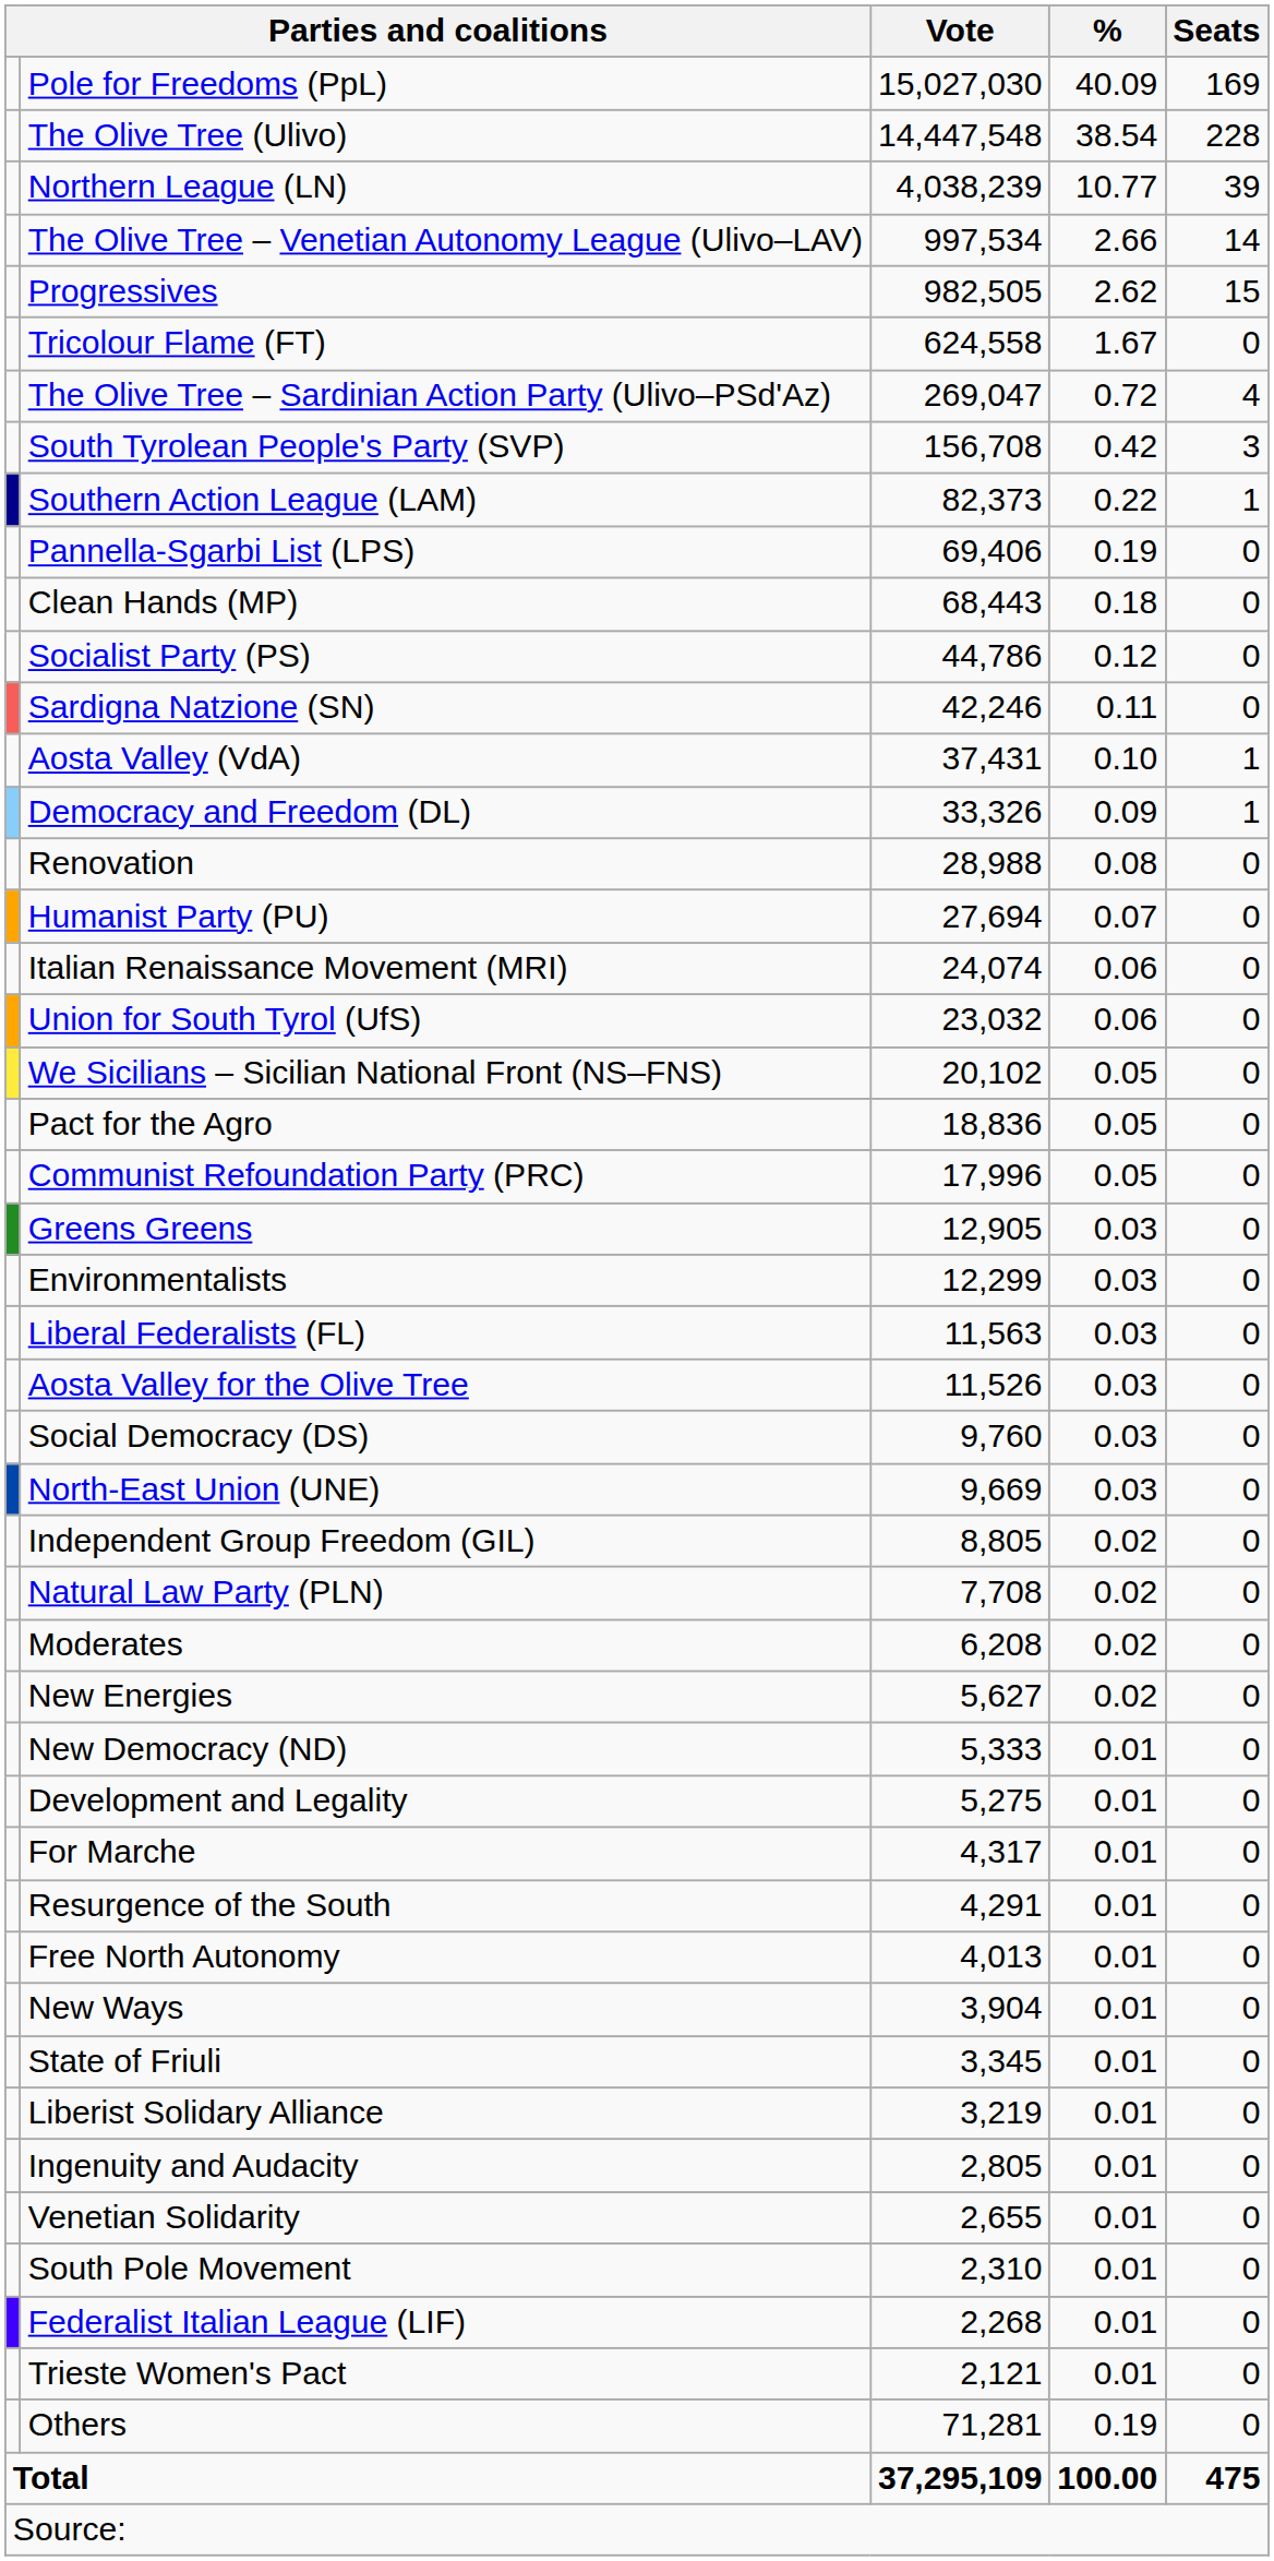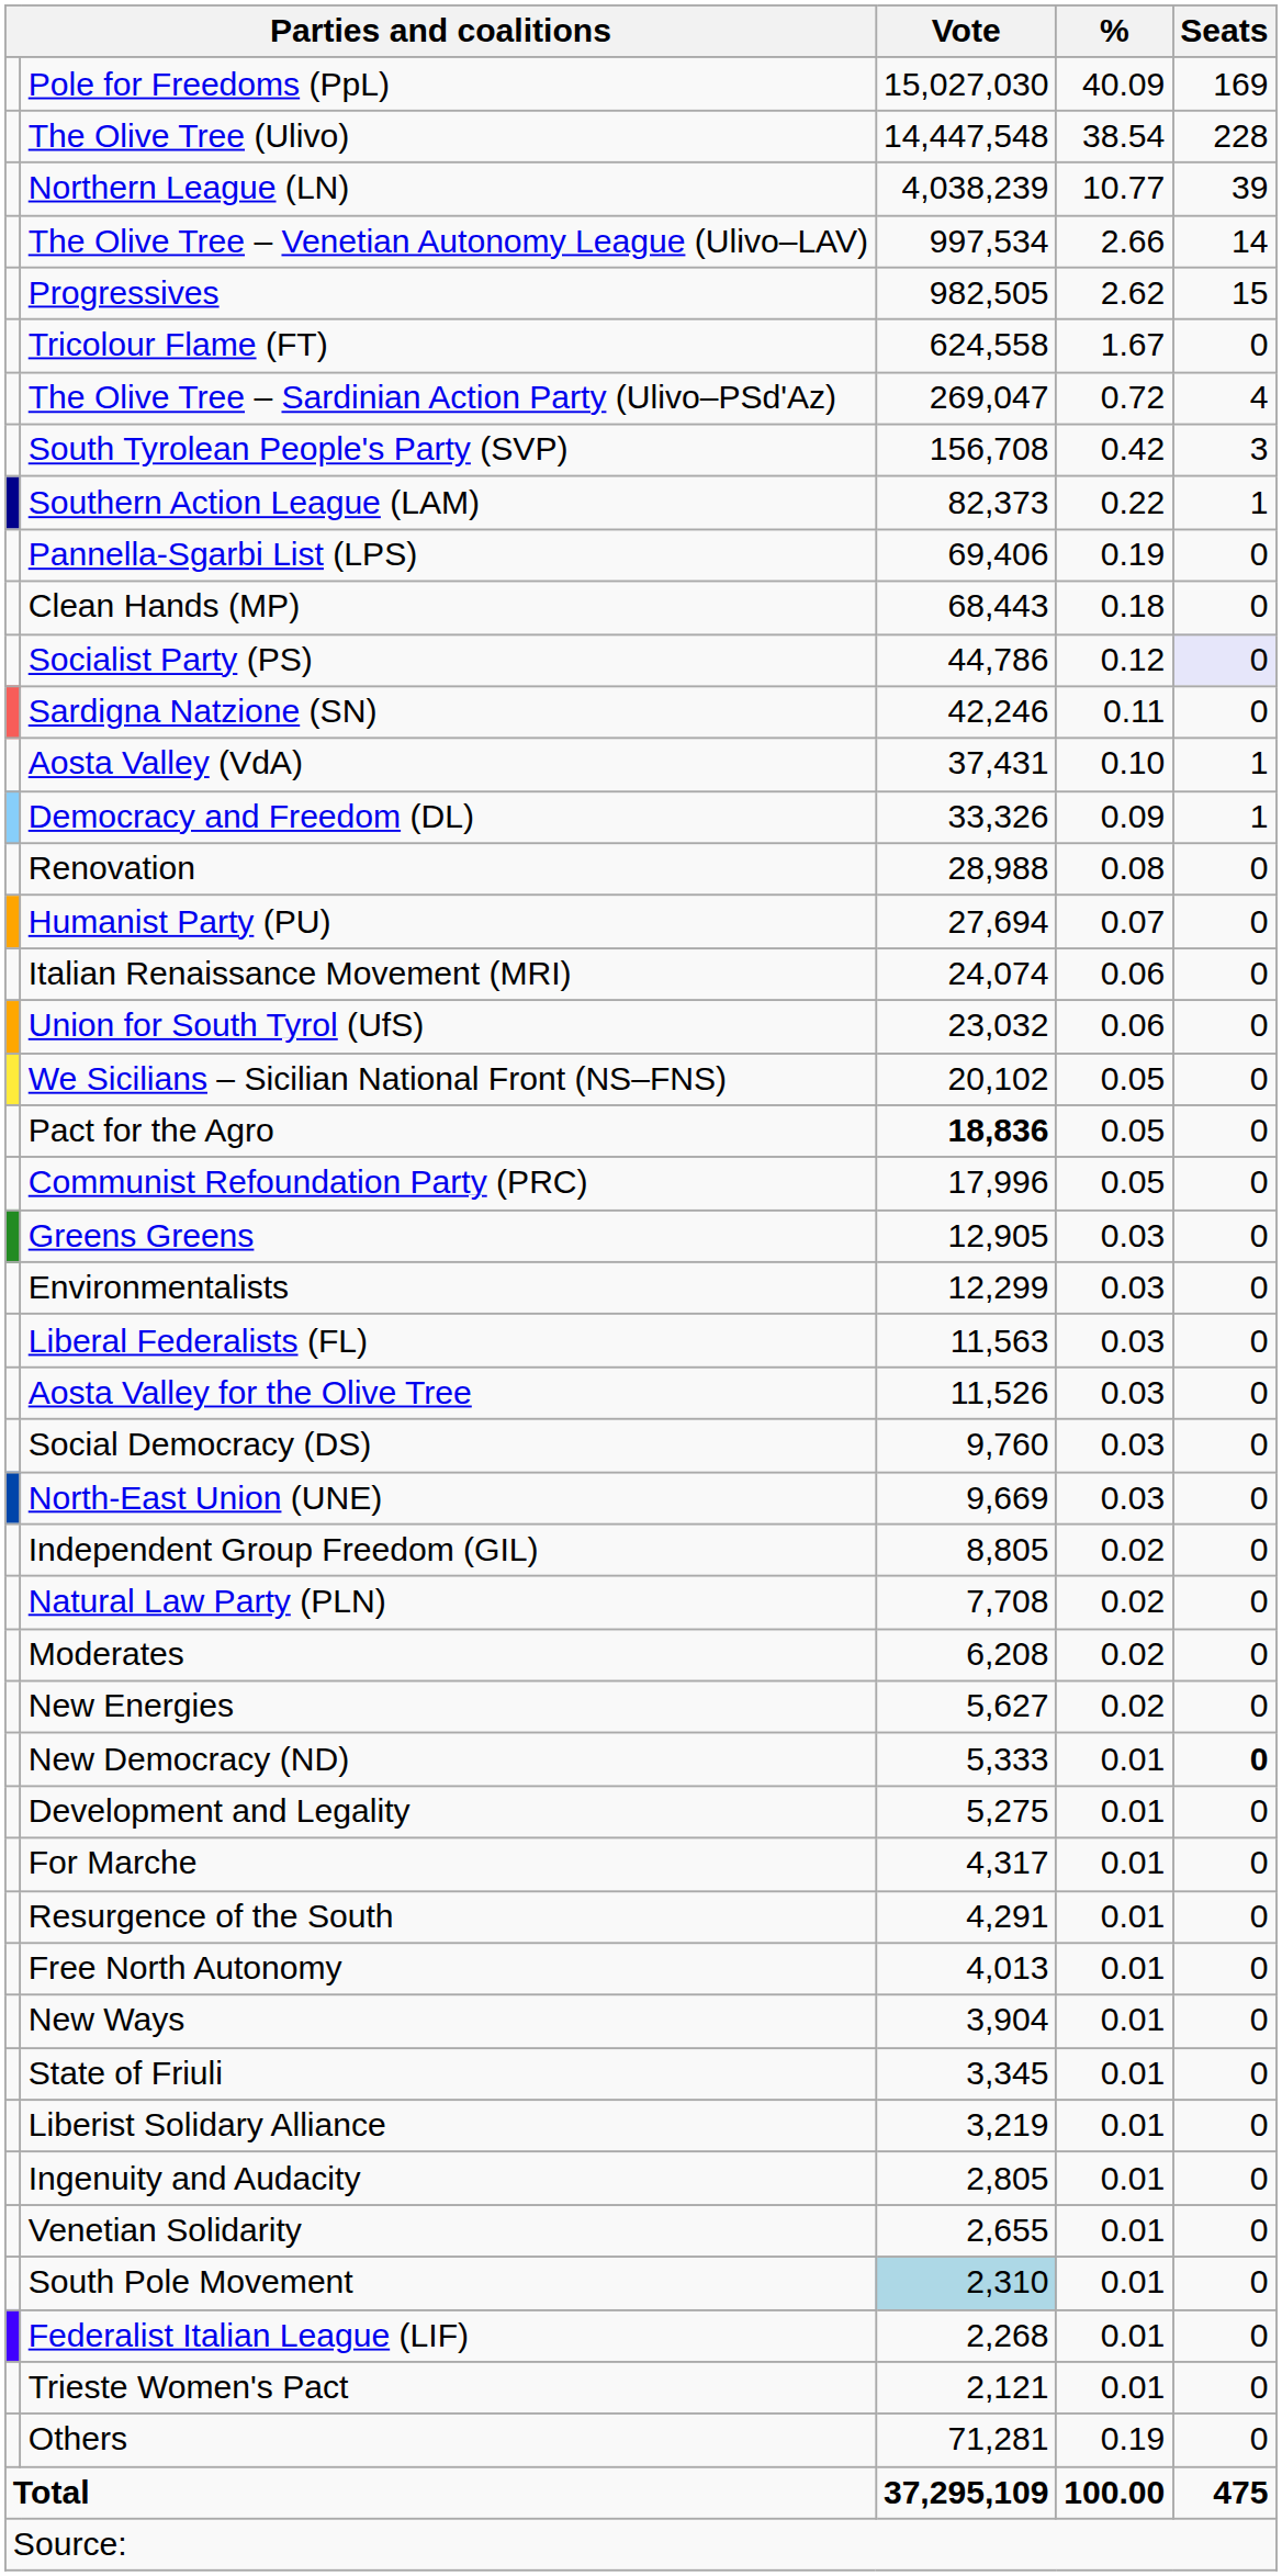 <table class=wikitable style="text-align:right">
 <tr>
 <th colspan=2>Parties and coalitions</th>
 <th>Vote</th>
 <th>%</th>
 <th>Seats</th>
 </tr>
 <tr>
 <td></td>
 <td align="left"><a href='#'>Pole for Freedoms</a> (PpL)</td>
 <td align="right">15,027,030</td>
 <td align="right">40.09</td>
 <td align="right">169</td>
 </tr>
 <tr>
 <td></td>
 <td align="left"><a href='#'>The Olive Tree</a> (Ulivo)</td>
 <td align="right">14,447,548</td>
 <td align="right">38.54</td>
 <td align="right">228</td>
 </tr>
 <tr>
 <td></td>
 <td align="left"><a href='#'>Northern League</a> (LN)</td>
 <td align="right">4,038,239</td>
 <td align="right">10.77</td>
 <td align="right">39</td>
 </tr>
 <tr>
 <td></td>
 <td align="left"><a href='#'>The Olive Tree</a> – <a href='#'>Venetian Autonomy League</a> (Ulivo–LAV)</td>
 <td align="right">997,534</td>
 <td align="right">2.66</td>
 <td align="right">14</td>
 </tr>
 <tr>
 <td></td>
 <td align="left"><a href='#'>Progressives</a></td>
 <td align="right">982,505</td>
 <td align="right">2.62</td>
 <td align="right">15</td>
 </tr>
 <tr>
 <td></td>
 <td align="left"><a href='#'>Tricolour Flame</a> (FT)</td>
 <td align="right">624,558</td>
 <td align="right">1.67</td>
 <td align="right">0</td>
 </tr>
 <tr>
 <td></td>
 <td align="left"><a href='#'>The Olive Tree</a> – <a href='#'>Sardinian Action Party</a> (Ulivo–PSd'Az)</td>
 <td align="right">269,047</td>
 <td align="right">0.72</td>
 <td align="right">4</td>
 </tr>
 <tr>
 <td></td>
 <td align="left"><a href='#'>South Tyrolean People's Party</a> (SVP)</td>
 <td align="right">156,708</td>
 <td align="right">0.42</td>
 <td align="right">3</td>
 </tr>
 <tr>
 <td bgcolor="darkblue"></td>
 <td align="left"><a href='#'>Southern Action League</a> (LAM)</td>
 <td align="right">82,373</td>
 <td align="right">0.22</td>
 <td align="right">1</td>
 </tr>
 <tr>
 <td></td>
 <td align="left"><a href='#'>Pannella-Sgarbi List</a> (LPS)</td>
 <td align="right">69,406</td>
 <td align="right">0.19</td>
 <td align="right">0</td>
 </tr>
 <tr>
 <td></td>
 <td align="left">Clean Hands (MP)</td>
 <td align="right">68,443</td>
 <td align="right">0.18</td>
 <td align="right">0</td>
 </tr>
 <tr>
 <td></td>
 <td align="left"><a href='#'>Socialist Party</a> (PS)</td>
 <td align="right">44,786</td>
 <td align="right">0.12</td>
-<td align="right">0</td>
+<td align="right" style="background: lavender;">0</td>
 </tr>
 <tr>
 <td bgcolor="#F75D59"></td>
 <td align="left"><a href='#'>Sardigna Natzione</a> (SN)</td>
 <td align="right">42,246</td>
 <td align="right">0.11</td>
 <td align="right">0</td>
 </tr>
 <tr>
 <td></td>
 <td align="left"><a href='#'>Aosta Valley</a> (VdA)</td>
 <td align="right">37,431</td>
 <td align="right">0.10</td>
 <td align="right">1</td>
 </tr>
 <tr>
 <td bgcolor="lightskyblue"></td>
 <td align="left"><a href='#'>Democracy and Freedom</a> (DL)</td>
 <td align="right">33,326</td>
 <td align="right">0.09</td>
 <td align="right">1</td>
 </tr>
 <tr>
 <td></td>
 <td align="left">Renovation</td>
 <td align="right">28,988</td>
 <td align="right">0.08</td>
 <td align="right">0</td>
 </tr>
 <tr>
 <td bgcolor="orange"></td>
 <td align="left"><a href='#'>Humanist Party</a> (PU)</td>
 <td align="right">27,694</td>
 <td align="right">0.07</td>
 <td align="right">0</td>
 </tr>
 <tr>
 <td></td>
 <td align="left">Italian Renaissance Movement (MRI)</td>
 <td align="right">24,074</td>
 <td align="right">0.06</td>
 <td align="right">0</td>
 </tr>
 <tr>
 <td bgcolor="#FFA700"></td>
 <td align="left"><a href='#'>Union for South Tyrol</a> (UfS)</td>
 <td align="right">23,032</td>
 <td align="right">0.06</td>
 <td align="right">0</td>
 </tr>
 <tr>
 <td bgcolor="FFEB3B"></td>
 <td align="left"><a href='#'>We Sicilians</a> – Sicilian National Front (NS–FNS)</td>
 <td align="right">20,102</td>
 <td align="right">0.05</td>
 <td align="right">0</td>
 </tr>
 <tr>
 <td></td>
 <td align="left">Pact for the Agro</td>
-<td align="right">18,836</td>
+<td align="right"><strong>18,836</strong></td>
 <td align="right">0.05</td>
 <td align="right">0</td>
 </tr>
 <tr>
 <td></td>
 <td align="left"><a href='#'>Communist Refoundation Party</a> (PRC)</td>
 <td align="right">17,996</td>
 <td align="right">0.05</td>
 <td align="right">0</td>
 </tr>
 <tr>
 <td bgcolor="#228B22"></td>
 <td align="left"><a href='#'>Greens Greens</a></td>
 <td align="right">12,905</td>
 <td align="right">0.03</td>
 <td align="right">0</td>
 </tr>
 <tr>
 <td></td>
 <td align="left">Environmentalists</td>
 <td align="right">12,299</td>
 <td align="right">0.03</td>
 <td align="right">0</td>
 </tr>
 <tr>
 <td></td>
 <td align="left"><a href='#'>Liberal Federalists</a> (FL)</td>
 <td align="right">11,563</td>
 <td align="right">0.03</td>
 <td align="right">0</td>
 </tr>
 <tr>
 <td></td>
 <td align="left"><a href='#'>Aosta Valley for the Olive Tree</a></td>
 <td align="right">11,526</td>
 <td align="right">0.03</td>
 <td align="right">0</td>
 </tr>
 <tr>
 <td></td>
 <td align="left">Social Democracy (DS)</td>
 <td align="right">9,760</td>
 <td align="right">0.03</td>
 <td align="right">0</td>
 </tr>
 <tr>
 <td bgcolor="#0045AA"></td>
 <td align="left"><a href='#'>North-East Union</a> (UNE)</td>
 <td align="right">9,669</td>
 <td align="right">0.03</td>
 <td align="right">0</td>
 </tr>
 <tr>
 <td></td>
 <td align="left">Independent Group Freedom (GIL)</td>
 <td align="right">8,805</td>
 <td align="right">0.02</td>
 <td align="right">0</td>
 </tr>
 <tr>
 <td></td>
 <td align="left"><a href='#'>Natural Law Party</a> (PLN)</td>
 <td align="right">7,708</td>
 <td align="right">0.02</td>
 <td align="right">0</td>
 </tr>
 <tr>
 <td></td>
 <td align="left">Moderates</td>
 <td align="right">6,208</td>
 <td align="right">0.02</td>
 <td align="right">0</td>
 </tr>
 <tr>
 <td></td>
 <td align="left">New Energies</td>
 <td align="right">5,627</td>
 <td align="right">0.02</td>
 <td align="right">0</td>
 </tr>
 <tr>
 <td></td>
 <td align="left">New Democracy (ND)</td>
 <td align="right">5,333</td>
 <td align="right">0.01</td>
-<td align="right">0</td>
+<td align="right"><strong>0</strong></td>
 </tr>
 <tr>
 <td></td>
 <td align="left">Development and Legality</td>
 <td align="right">5,275</td>
 <td align="right">0.01</td>
 <td align="right">0</td>
 </tr>
 <tr>
 <td></td>
 <td align="left">For Marche</td>
 <td align="right">4,317</td>
 <td align="right">0.01</td>
 <td align="right">0</td>
 </tr>
 <tr>
 <td></td>
 <td align="left">Resurgence of the South</td>
 <td align="right">4,291</td>
 <td align="right">0.01</td>
 <td align="right">0</td>
 </tr>
 <tr>
 <td></td>
 <td align="left">Free North Autonomy</td>
 <td align="right">4,013</td>
 <td align="right">0.01</td>
 <td align="right">0</td>
 </tr>
 <tr>
 <td></td>
 <td align="left">New Ways</td>
 <td align="right">3,904</td>
 <td align="right">0.01</td>
 <td align="right">0</td>
 </tr>
 <tr>
 <td></td>
 <td align="left">State of Friuli</td>
 <td align="right">3,345</td>
 <td align="right">0.01</td>
 <td align="right">0</td>
 </tr>
 <tr>
 <td></td>
 <td align="left">Liberist Solidary Alliance</td>
 <td align="right">3,219</td>
 <td align="right">0.01</td>
 <td align="right">0</td>
 </tr>
 <tr>
 <td></td>
 <td align="left">Ingenuity and Audacity</td>
 <td align="right">2,805</td>
 <td align="right">0.01</td>
 <td align="right">0</td>
 </tr>
 <tr>
 <td></td>
 <td align="left">Venetian Solidarity</td>
 <td align="right">2,655</td>
 <td align="right">0.01</td>
 <td align="right">0</td>
 </tr>
 <tr>
 <td></td>
 <td align="left">South Pole Movement</td>
-<td align="right">2,310</td>
+<td align="right" style="background: lightblue;">2,310</td>
 <td align="right">0.01</td>
 <td align="right">0</td>
 </tr>
 <tr>
 <td bgcolor="#4000FF"></td>
 <td align="left"><a href='#'>Federalist Italian League</a> (LIF)</td>
 <td align="right">2,268</td>
 <td align="right">0.01</td>
 <td align="right">0</td>
 </tr>
 <tr>
 <td></td>
 <td align="left">Trieste Women's Pact</td>
 <td align="right">2,121</td>
 <td align="right">0.01</td>
 <td align="right">0</td>
 </tr>
 <tr>
 <td></td>
 <td align="left">Others</td>
 <td align="right">71,281</td>
 <td align="right">0.19</td>
 <td align="right">0</td>
 </tr>
 <tr>
 <td align="left" colspan=2><strong>Total</strong></td>
 <td align="right"><strong>37,295,109</strong></td>
 <td align="right"><strong>100.00</strong></td>
 <td align="right"><strong>475</strong></td>
 </tr>
 <tr>
 <td style="text-align:left;" colspan="7">Source: </td>
 </tr>
 </table>
